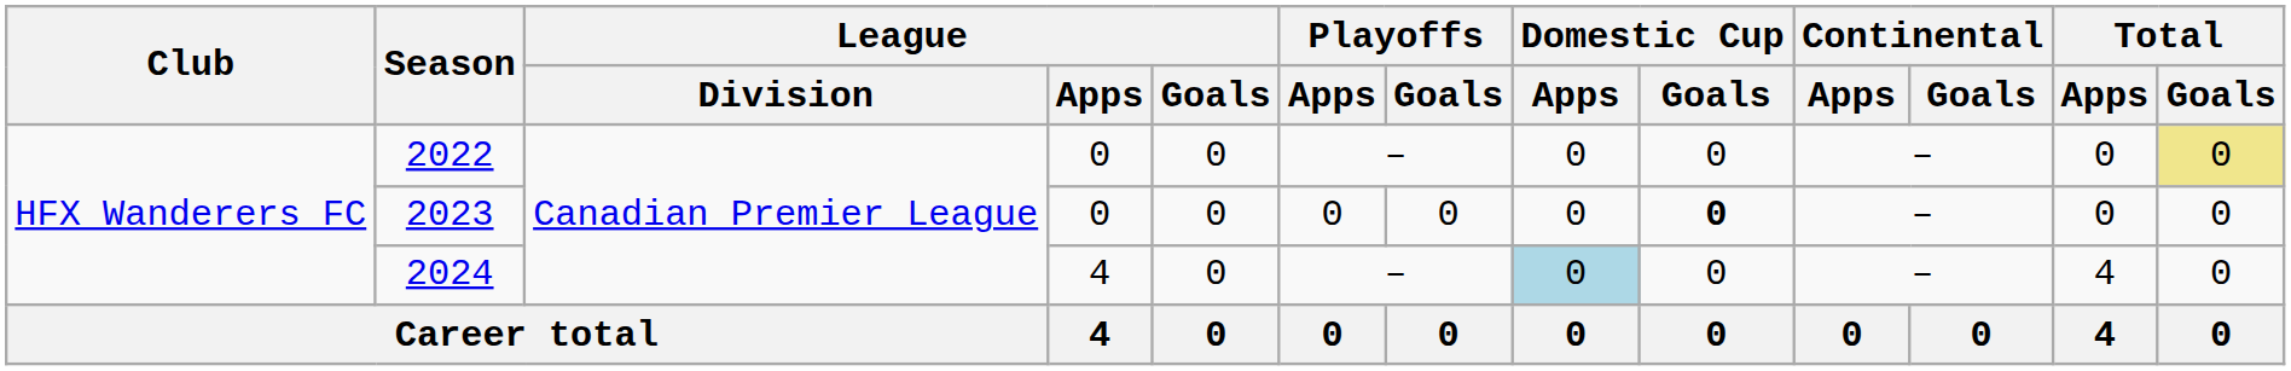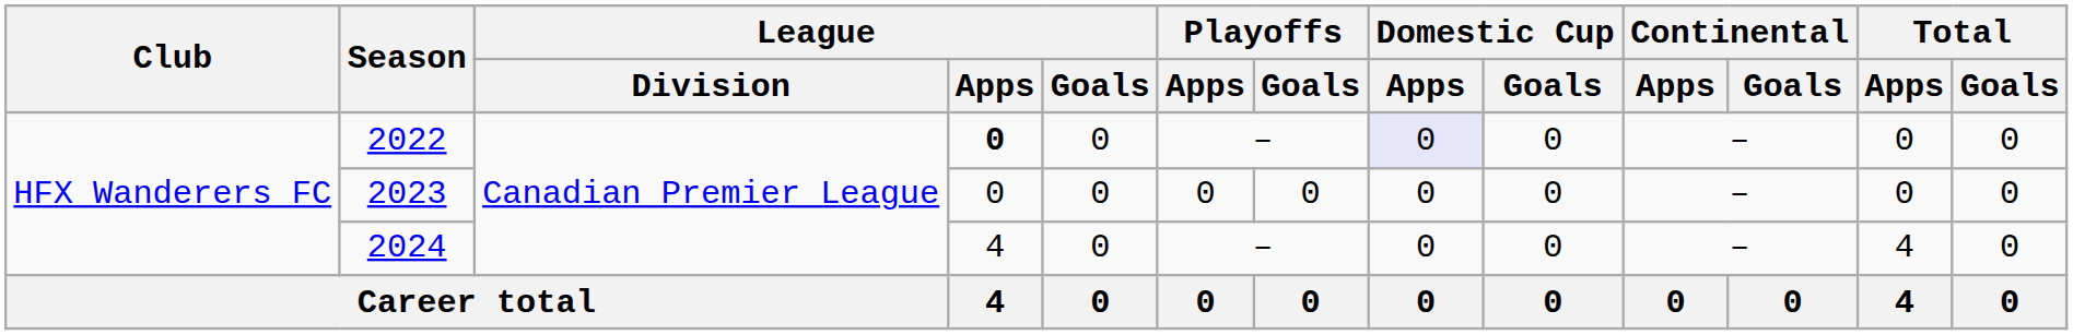 <table class="wikitable" style="text-align: center">
 <tr>
 <th rowspan="2">Club</th>
 <th rowspan="2">Season</th>
 <th colspan="3">League</th>
 <th colspan="2">Playoffs</th>
 <th colspan="2">Domestic Cup</th>
 <th colspan="2">Continental</th>
 <th colspan="2">Total</th>
 </tr>
 <tr>
 <th>Division</th>
 <th>Apps</th>
 <th>Goals</th>
 <th>Apps</th>
 <th>Goals</th>
 <th>Apps</th>
 <th>Goals</th>
 <th>Apps</th>
 <th>Goals</th>
 <th>Apps</th>
 <th>Goals</th>
 </tr>
 <tr>
 <td rowspan=3><a href='#'>HFX Wanderers FC</a></td>
 <td><a href='#'>2022</a></td>
 <td rowspan=3><a href='#'>Canadian Premier League</a></td>
+<td><strong>0</strong></td>
 <td>0</td>
+<td colspan="2">–</td>
+<td style="background: lavender;">0</td>
 <td>0</td>
 <td colspan="2">–</td>
 <td>0</td>
 <td>0</td>
-<td colspan="2">–</td>
-<td>0</td>
-<td style="background: khaki;">0</td>
 </tr>
 <tr>
 <td><a href='#'>2023</a></td>
 <td>0</td>
 <td>0</td>
 <td>0</td>
 <td>0</td>
 <td>0</td>
-<td><strong>0</strong></td>
+<td>0</td>
 <td colspan="2">–</td>
 <td>0</td>
 <td>0</td>
 </tr>
 <tr>
 <td><a href='#'>2024</a></td>
 <td>4</td>
 <td>0</td>
 <td colspan="2">–</td>
-<td style="background: lightblue;">0</td>
+<td>0</td>
 <td>0</td>
 <td colspan="2">–</td>
 <td>4</td>
 <td>0</td>
 </tr>
 <tr>
 <th colspan="3"><strong>Career total</strong></th>
 <th>4</th>
 <th>0</th>
 <th>0</th>
 <th>0</th>
 <th>0</th>
 <th>0</th>
 <th>0</th>
 <th>0</th>
 <th>4</th>
 <th>0</th>
 </tr>
 </table>
